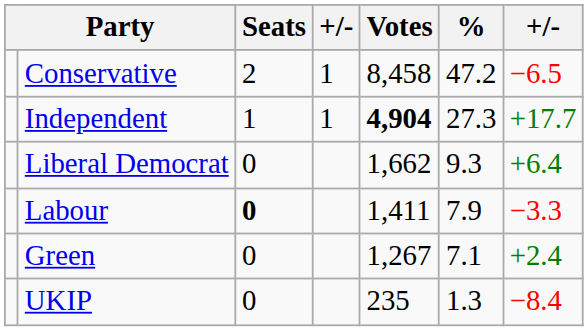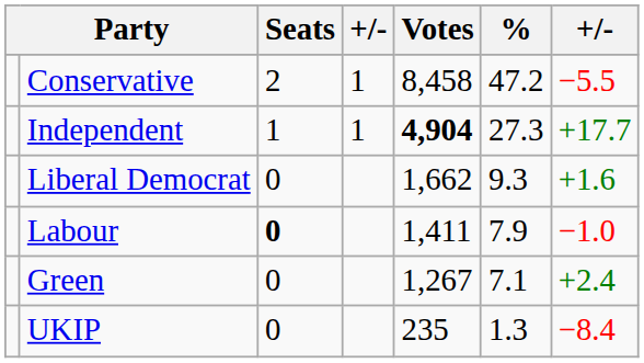 <table class="wikitable sortable">
 <tr>
 <th colspan="2">Party</th>
 <th>Seats</th>
 <th>+/-</th>
 <th>Votes</th>
 <th>%</th>
 <th>+/-</th>
 </tr>
 <tr>
 <td style="background-color: "></td>
 <td><a href='#'>Conservative</a></td>
 <td>2</td>
 <td> 1</td>
 <td>8,458</td>
 <td>47.2</td>
-<td style="color:red">−6.5</td>
+<td style="color:red">−5.5</td>
 </tr>
 <tr>
 <td style="background-color: "></td>
 <td><a href='#'>Independent</a></td>
 <td>1</td>
 <td> 1</td>
 <td><strong>4,904</strong></td>
 <td>27.3</td>
 <td style="color:green">+17.7</td>
 </tr>
 <tr>
 <td style="background-color: "></td>
 <td><a href='#'>Liberal Democrat</a></td>
 <td>0</td>
 <td></td>
 <td>1,662</td>
 <td>9.3</td>
-<td style="color:green">+6.4</td>
+<td style="color:green">+1.6</td>
 </tr>
 <tr>
 <td style="background-color: "></td>
 <td><a href='#'>Labour</a></td>
 <td><strong>0</strong></td>
 <td></td>
 <td>1,411</td>
 <td>7.9</td>
-<td style="color:red">−3.3</td>
+<td style="color:red">−1.0</td>
 </tr>
 <tr>
 <td style="background-color: "></td>
 <td><a href='#'>Green</a></td>
 <td>0</td>
 <td></td>
 <td>1,267</td>
 <td>7.1</td>
 <td style="color:green">+2.4</td>
 </tr>
 <tr>
 <td style="background-color: "></td>
 <td><a href='#'>UKIP</a></td>
 <td>0</td>
 <td></td>
 <td>235</td>
 <td>1.3</td>
 <td style="color:red">−8.4</td>
 </tr>
 </table>
